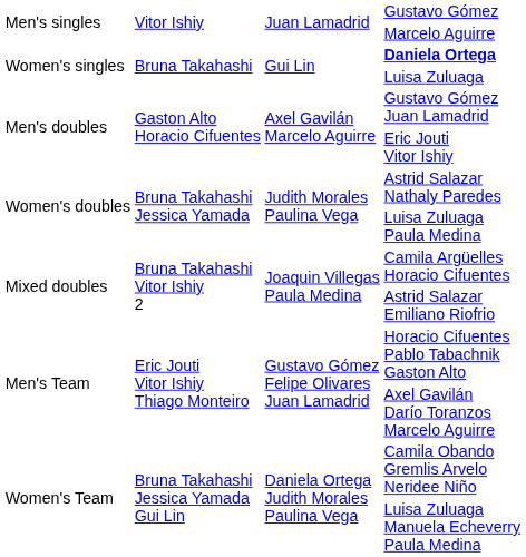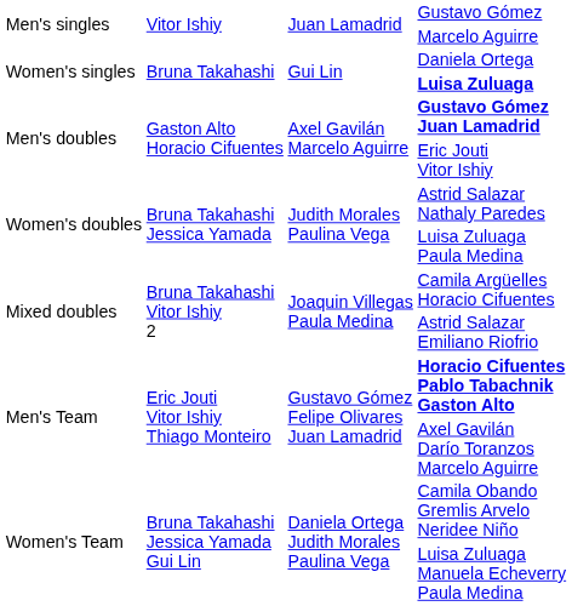 <table>
 <tr>
 <td rowspan=2>Men's singles</td>
 <td rowspan=2><a href='#'>Vitor Ishiy</a><br></td>
 <td rowspan=2><a href='#'>Juan Lamadrid</a><br></td>
 <td><a href='#'>Gustavo Gómez</a><br></td>
 </tr>
 <tr>
 <td><a href='#'>Marcelo Aguirre</a><br></td>
 </tr>
 <tr>
 <td rowspan=2>Women's singles</td>
 <td rowspan=2><a href='#'>Bruna Takahashi</a><br></td>
 <td rowspan=2><a href='#'>Gui Lin</a><br></td>
-<td><strong><a href='#'>Daniela Ortega</a><br></strong></td>
+<td><a href='#'>Daniela Ortega</a><br></td>
 </tr>
 <tr>
-<td><a href='#'>Luisa Zuluaga</a><br></td>
+<td><strong><a href='#'>Luisa Zuluaga</a><br></strong></td>
 </tr>
 <tr>
 <td rowspan=2>Men's doubles</td>
 <td rowspan=2><a href='#'>Gaston Alto</a><br><a href='#'>Horacio Cifuentes</a><br></td>
 <td rowspan=2><a href='#'>Axel Gavilán</a><br><a href='#'>Marcelo Aguirre</a><br></td>
-<td><a href='#'>Gustavo Gómez</a><br><a href='#'>Juan Lamadrid</a><br></td>
+<td><strong><a href='#'>Gustavo Gómez</a><br><a href='#'>Juan Lamadrid</a><br></strong></td>
 </tr>
 <tr>
 <td><a href='#'>Eric Jouti</a><br><a href='#'>Vitor Ishiy</a><br></td>
 </tr>
 <tr>
 <td rowspan=2>Women's doubles</td>
 <td rowspan=2><a href='#'>Bruna Takahashi</a><br><a href='#'>Jessica Yamada</a><br></td>
 <td rowspan=2><a href='#'>Judith Morales</a><br><a href='#'>Paulina Vega</a><br></td>
 <td><a href='#'>Astrid Salazar</a><br><a href='#'>Nathaly Paredes</a><br></td>
 </tr>
 <tr>
 <td><a href='#'>Luisa Zuluaga</a><br><a href='#'>Paula Medina</a><br></td>
 </tr>
 <tr>
 <td rowspan=2>Mixed doubles</td>
 <td rowspan=2><a href='#'>Bruna Takahashi</a><br><a href='#'>Vitor Ishiy</a><br> 2</td>
 <td rowspan=2><a href='#'>Joaquin Villegas</a><br><a href='#'>Paula Medina</a><br></td>
 <td><a href='#'>Camila Argüelles</a><br><a href='#'>Horacio Cifuentes</a><br></td>
 </tr>
 <tr>
 <td><a href='#'>Astrid Salazar</a><br><a href='#'>Emiliano Riofrio</a><br></td>
 </tr>
 <tr>
 <td rowspan=2>Men's Team</td>
 <td rowspan=2><a href='#'>Eric Jouti</a><br><a href='#'>Vitor Ishiy</a><br><a href='#'>Thiago Monteiro</a><br></td>
 <td rowspan=2><a href='#'>Gustavo Gómez</a><br><a href='#'>Felipe Olivares</a><br><a href='#'>Juan Lamadrid</a><br></td>
-<td><a href='#'>Horacio Cifuentes</a><br><a href='#'>Pablo Tabachnik</a><br><a href='#'>Gaston Alto</a><br></td>
+<td><strong><a href='#'>Horacio Cifuentes</a><br><a href='#'>Pablo Tabachnik</a><br><a href='#'>Gaston Alto</a><br></strong></td>
 </tr>
 <tr>
 <td><a href='#'>Axel Gavilán</a><br><a href='#'>Darío Toranzos</a><br><a href='#'>Marcelo Aguirre</a><br></td>
 </tr>
 <tr>
 <td rowspan=2>Women's Team</td>
 <td rowspan=2><a href='#'>Bruna Takahashi</a><br><a href='#'>Jessica Yamada</a><br><a href='#'>Gui Lin</a><br></td>
 <td rowspan=2><a href='#'>Daniela Ortega</a><br><a href='#'>Judith Morales</a><br><a href='#'>Paulina Vega</a><br></td>
 <td><a href='#'>Camila Obando</a><br><a href='#'>Gremlis Arvelo</a><br><a href='#'>Neridee Niño</a><br></td>
 </tr>
 <tr>
 <td><a href='#'>Luisa Zuluaga</a><br><a href='#'>Manuela Echeverry</a><br><a href='#'>Paula Medina</a><br></td>
 </tr>
 </table>
